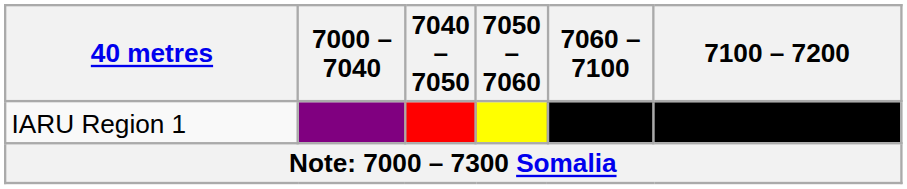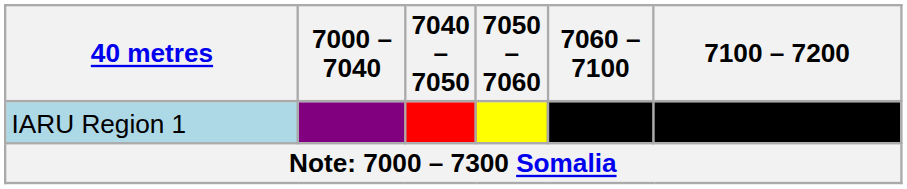 <table class="wikitable" style="font-size:70%">
 <tr>
 <th width=120px><a href='#'>40 metres</a></th>
 <th width= 40px>7000 – 7040</th>
 <th width= 10px>7040 – 7050</th>
 <th width= 10px>7050 – 7060</th>
 <th width= 40px>7060 – 7100</th>
 <th width=100px>7100 – 7200</th>
 </tr>
 <tr>
-<td>IARU Region 1</td>
+<td style="background: lightblue;">IARU Region 1</td>
 <td style="background-color: purple"></td>
 <td style="background-color: red"></td>
 <td style="background-color: yellow"></td>
 <td style="background-color: black"></td>
 <td style="background-color: black"></td>
 </tr>
 <tr>
 <th colspan=14>Note: 7000 – 7300 <a href='#'>Somalia</a></th>
 </tr>
 </table>
